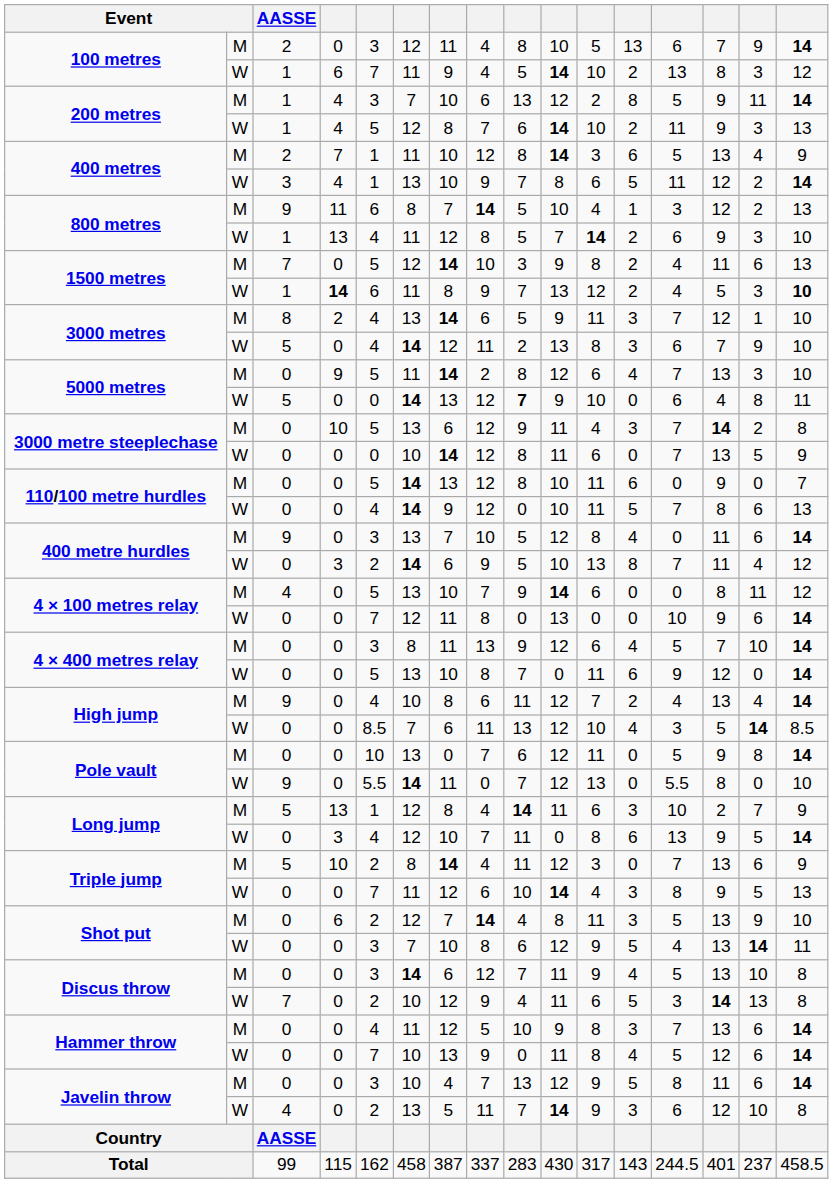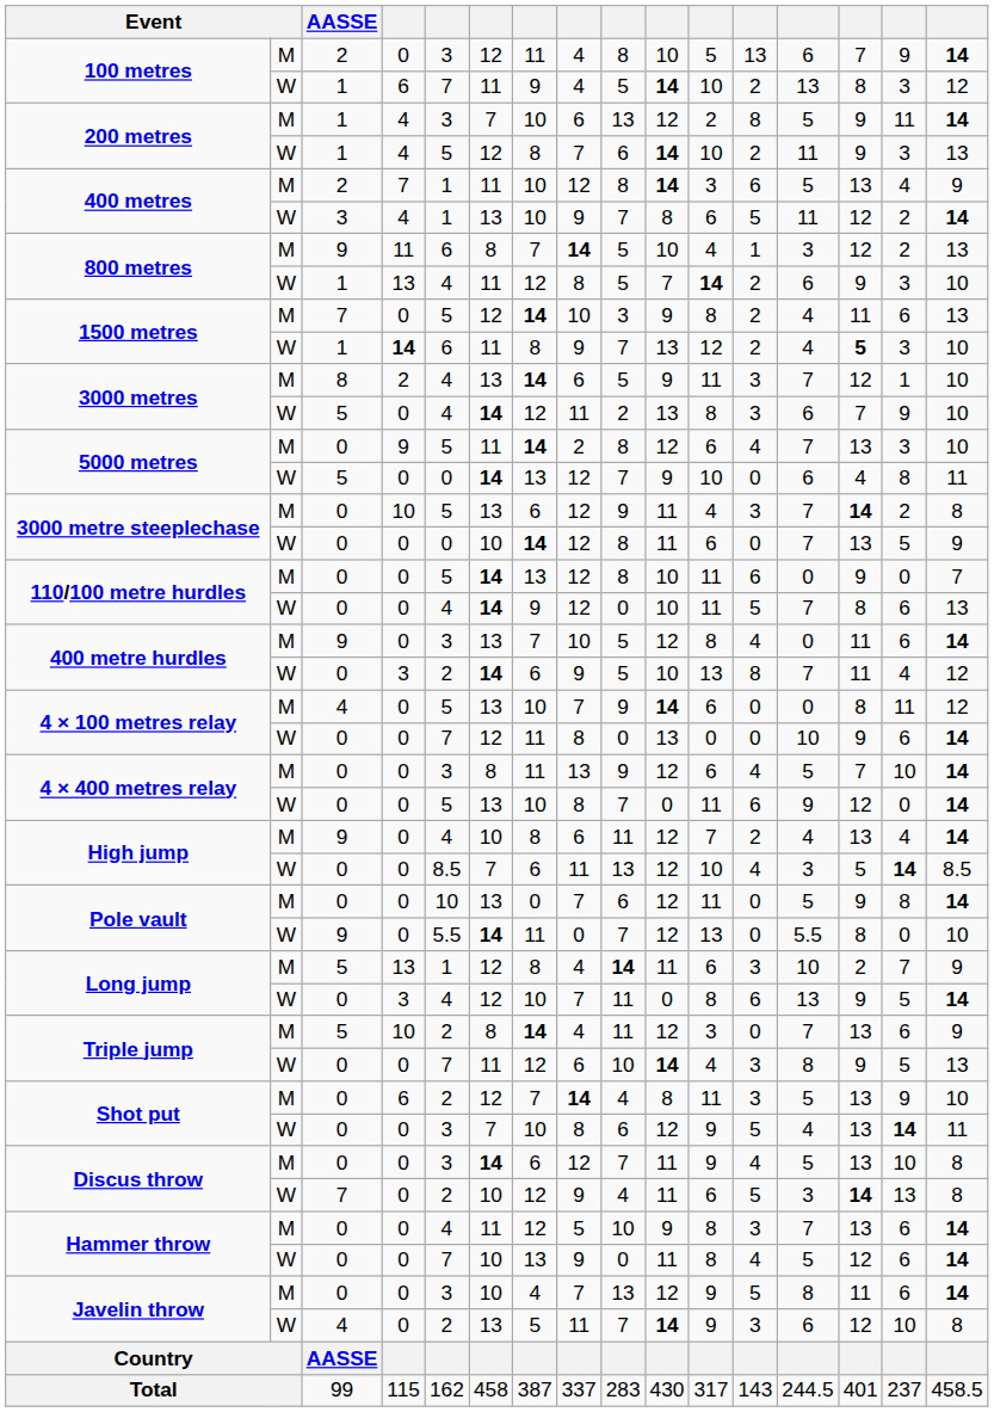 <table class="wikitable" style="background-color: #f9f9f9; font-size: 90%; text-align: center">
 <tr>
 <th width=200 colspan=2>Event</th>
 <th> <a href='#'>AASSE</a></th>
 <th></th>
 <th></th>
 <th></th>
 <th></th>
 <th></th>
 <th></th>
 <th></th>
 <th></th>
 <th></th>
 <th></th>
 <th></th>
 <th></th>
 <th></th>
 </tr>
 <tr>
 <td rowspan=2><strong><a href='#'>100 metres</a></strong></td>
 <td>M</td>
 <td>2</td>
 <td>0</td>
 <td>3</td>
 <td>12</td>
 <td>11</td>
 <td>4</td>
 <td>8</td>
 <td>10</td>
 <td>5</td>
 <td>13</td>
 <td>6</td>
 <td>7</td>
 <td>9</td>
 <td><strong>14</strong></td>
 </tr>
 <tr>
 <td>W</td>
 <td>1</td>
 <td>6</td>
 <td>7</td>
 <td>11</td>
 <td>9</td>
 <td>4</td>
 <td>5</td>
 <td><strong>14</strong></td>
 <td>10</td>
 <td>2</td>
 <td>13</td>
 <td>8</td>
 <td>3</td>
 <td>12</td>
 </tr>
 <tr>
 <td rowspan=2><strong><a href='#'>200 metres</a></strong></td>
 <td>M</td>
 <td>1</td>
 <td>4</td>
 <td>3</td>
 <td>7</td>
 <td>10</td>
 <td>6</td>
 <td>13</td>
 <td>12</td>
 <td>2</td>
 <td>8</td>
 <td>5</td>
 <td>9</td>
 <td>11</td>
 <td><strong>14</strong></td>
 </tr>
 <tr>
 <td>W</td>
 <td>1</td>
 <td>4</td>
 <td>5</td>
 <td>12</td>
 <td>8</td>
 <td>7</td>
 <td>6</td>
 <td><strong>14</strong></td>
 <td>10</td>
 <td>2</td>
 <td>11</td>
 <td>9</td>
 <td>3</td>
 <td>13</td>
 </tr>
 <tr>
 <td rowspan=2><strong><a href='#'>400 metres</a></strong></td>
 <td>M</td>
 <td>2</td>
 <td>7</td>
 <td>1</td>
 <td>11</td>
 <td>10</td>
 <td>12</td>
 <td>8</td>
 <td><strong>14</strong></td>
 <td>3</td>
 <td>6</td>
 <td>5</td>
 <td>13</td>
 <td>4</td>
 <td>9</td>
 </tr>
 <tr>
 <td>W</td>
 <td>3</td>
 <td>4</td>
 <td>1</td>
 <td>13</td>
 <td>10</td>
 <td>9</td>
 <td>7</td>
 <td>8</td>
 <td>6</td>
 <td>5</td>
 <td>11</td>
 <td>12</td>
 <td>2</td>
 <td><strong>14</strong></td>
 </tr>
 <tr>
 <td rowspan=2><strong><a href='#'>800 metres</a></strong></td>
 <td>M</td>
 <td>9</td>
 <td>11</td>
 <td>6</td>
 <td>8</td>
 <td>7</td>
 <td><strong>14</strong></td>
 <td>5</td>
 <td>10</td>
 <td>4</td>
 <td>1</td>
 <td>3</td>
 <td>12</td>
 <td>2</td>
 <td>13</td>
 </tr>
 <tr>
 <td>W</td>
 <td>1</td>
 <td>13</td>
 <td>4</td>
 <td>11</td>
 <td>12</td>
 <td>8</td>
 <td>5</td>
 <td>7</td>
 <td><strong>14</strong></td>
 <td>2</td>
 <td>6</td>
 <td>9</td>
 <td>3</td>
 <td>10</td>
 </tr>
 <tr>
 <td rowspan=2><strong><a href='#'>1500 metres</a></strong></td>
 <td>M</td>
 <td>7</td>
 <td>0</td>
 <td>5</td>
 <td>12</td>
 <td><strong>14</strong></td>
 <td>10</td>
 <td>3</td>
 <td>9</td>
 <td>8</td>
 <td>2</td>
 <td>4</td>
 <td>11</td>
 <td>6</td>
 <td>13</td>
 </tr>
 <tr>
 <td>W</td>
 <td>1</td>
 <td><strong>14</strong></td>
 <td>6</td>
 <td>11</td>
 <td>8</td>
 <td>9</td>
 <td>7</td>
 <td>13</td>
 <td>12</td>
 <td>2</td>
 <td>4</td>
-<td>5</td>
+<td><strong>5</strong></td>
 <td>3</td>
-<td><strong>10</strong></td>
+<td>10</td>
 </tr>
 <tr>
 <td rowspan=2><strong><a href='#'>3000 metres</a></strong></td>
 <td>M</td>
 <td>8</td>
 <td>2</td>
 <td>4</td>
 <td>13</td>
 <td><strong>14</strong></td>
 <td>6</td>
 <td>5</td>
 <td>9</td>
 <td>11</td>
 <td>3</td>
 <td>7</td>
 <td>12</td>
 <td>1</td>
 <td>10</td>
 </tr>
 <tr>
 <td>W</td>
 <td>5</td>
 <td>0</td>
 <td>4</td>
 <td><strong>14</strong></td>
 <td>12</td>
 <td>11</td>
 <td>2</td>
 <td>13</td>
 <td>8</td>
 <td>3</td>
 <td>6</td>
 <td>7</td>
 <td>9</td>
 <td>10</td>
 </tr>
 <tr>
 <td rowspan=2><strong><a href='#'>5000 metres</a></strong></td>
 <td>M</td>
 <td>0</td>
 <td>9</td>
 <td>5</td>
 <td>11</td>
 <td><strong>14</strong></td>
 <td>2</td>
 <td>8</td>
 <td>12</td>
 <td>6</td>
 <td>4</td>
 <td>7</td>
 <td>13</td>
 <td>3</td>
 <td>10</td>
 </tr>
 <tr>
 <td>W</td>
 <td>5</td>
 <td>0</td>
 <td>0</td>
 <td><strong>14</strong></td>
 <td>13</td>
 <td>12</td>
-<td><strong>7</strong></td>
+<td>7</td>
 <td>9</td>
 <td>10</td>
 <td>0</td>
 <td>6</td>
 <td>4</td>
 <td>8</td>
 <td>11</td>
 </tr>
 <tr>
 <td rowspan=2><strong><a href='#'>3000 metre steeplechase</a></strong></td>
 <td>M</td>
 <td>0</td>
 <td>10</td>
 <td>5</td>
 <td>13</td>
 <td>6</td>
 <td>12</td>
 <td>9</td>
 <td>11</td>
 <td>4</td>
 <td>3</td>
 <td>7</td>
 <td><strong>14</strong></td>
 <td>2</td>
 <td>8</td>
 </tr>
 <tr>
 <td>W</td>
 <td>0</td>
 <td>0</td>
 <td>0</td>
 <td>10</td>
 <td><strong>14</strong></td>
 <td>12</td>
 <td>8</td>
 <td>11</td>
 <td>6</td>
 <td>0</td>
 <td>7</td>
 <td>13</td>
 <td>5</td>
 <td>9</td>
 </tr>
 <tr>
 <td rowspan=2><strong><a href='#'>110</a>/<a href='#'>100 metre hurdles</a></strong></td>
 <td>M</td>
 <td>0</td>
 <td>0</td>
 <td>5</td>
 <td><strong>14</strong></td>
 <td>13</td>
 <td>12</td>
 <td>8</td>
 <td>10</td>
 <td>11</td>
 <td>6</td>
 <td>0</td>
 <td>9</td>
 <td>0</td>
 <td>7</td>
 </tr>
 <tr>
 <td>W</td>
 <td>0</td>
 <td>0</td>
 <td>4</td>
 <td><strong>14</strong></td>
 <td>9</td>
 <td>12</td>
 <td>0</td>
 <td>10</td>
 <td>11</td>
 <td>5</td>
 <td>7</td>
 <td>8</td>
 <td>6</td>
 <td>13</td>
 </tr>
 <tr>
 <td rowspan=2><strong><a href='#'>400 metre hurdles</a></strong></td>
 <td>M</td>
 <td>9</td>
 <td>0</td>
 <td>3</td>
 <td>13</td>
 <td>7</td>
 <td>10</td>
 <td>5</td>
 <td>12</td>
 <td>8</td>
 <td>4</td>
 <td>0</td>
 <td>11</td>
 <td>6</td>
 <td><strong>14</strong></td>
 </tr>
 <tr>
 <td>W</td>
 <td>0</td>
 <td>3</td>
 <td>2</td>
 <td><strong>14</strong></td>
 <td>6</td>
 <td>9</td>
 <td>5</td>
 <td>10</td>
 <td>13</td>
 <td>8</td>
 <td>7</td>
 <td>11</td>
 <td>4</td>
 <td>12</td>
 </tr>
 <tr>
 <td rowspan=2><strong><a href='#'>4 × 100 metres relay</a></strong></td>
 <td>M</td>
 <td>4</td>
 <td>0</td>
 <td>5</td>
 <td>13</td>
 <td>10</td>
 <td>7</td>
 <td>9</td>
 <td><strong>14</strong></td>
 <td>6</td>
 <td>0</td>
 <td>0</td>
 <td>8</td>
 <td>11</td>
 <td>12</td>
 </tr>
 <tr>
 <td>W</td>
 <td>0</td>
 <td>0</td>
 <td>7</td>
 <td>12</td>
 <td>11</td>
 <td>8</td>
 <td>0</td>
 <td>13</td>
 <td>0</td>
 <td>0</td>
 <td>10</td>
 <td>9</td>
 <td>6</td>
 <td><strong>14</strong></td>
 </tr>
 <tr>
 <td rowspan=2><strong><a href='#'>4 × 400 metres relay</a></strong></td>
 <td>M</td>
 <td>0</td>
 <td>0</td>
 <td>3</td>
 <td>8</td>
 <td>11</td>
 <td>13</td>
 <td>9</td>
 <td>12</td>
 <td>6</td>
 <td>4</td>
 <td>5</td>
 <td>7</td>
 <td>10</td>
 <td><strong>14</strong></td>
 </tr>
 <tr>
 <td>W</td>
 <td>0</td>
 <td>0</td>
 <td>5</td>
 <td>13</td>
 <td>10</td>
 <td>8</td>
 <td>7</td>
 <td>0</td>
 <td>11</td>
 <td>6</td>
 <td>9</td>
 <td>12</td>
 <td>0</td>
 <td><strong>14</strong></td>
 </tr>
 <tr>
 <td rowspan=2><strong><a href='#'>High jump</a></strong></td>
 <td>M</td>
 <td>9</td>
 <td>0</td>
 <td>4</td>
 <td>10</td>
 <td>8</td>
 <td>6</td>
 <td>11</td>
 <td>12</td>
 <td>7</td>
 <td>2</td>
 <td>4</td>
 <td>13</td>
 <td>4</td>
 <td><strong>14</strong></td>
 </tr>
 <tr>
 <td>W</td>
 <td>0</td>
 <td>0</td>
 <td>8.5</td>
 <td>7</td>
 <td>6</td>
 <td>11</td>
 <td>13</td>
 <td>12</td>
 <td>10</td>
 <td>4</td>
 <td>3</td>
 <td>5</td>
 <td><strong>14</strong></td>
 <td>8.5</td>
 </tr>
 <tr>
 <td rowspan=2><strong><a href='#'>Pole vault</a></strong></td>
 <td>M</td>
 <td>0</td>
 <td>0</td>
 <td>10</td>
 <td>13</td>
 <td>0</td>
 <td>7</td>
 <td>6</td>
 <td>12</td>
 <td>11</td>
 <td>0</td>
 <td>5</td>
 <td>9</td>
 <td>8</td>
 <td><strong>14</strong></td>
 </tr>
 <tr>
 <td>W</td>
 <td>9</td>
 <td>0</td>
 <td>5.5</td>
 <td><strong>14</strong></td>
 <td>11</td>
 <td>0</td>
 <td>7</td>
 <td>12</td>
 <td>13</td>
 <td>0</td>
 <td>5.5</td>
 <td>8</td>
 <td>0</td>
 <td>10</td>
 </tr>
 <tr>
 <td rowspan=2><strong><a href='#'>Long jump</a></strong></td>
 <td>M</td>
 <td>5</td>
 <td>13</td>
 <td>1</td>
 <td>12</td>
 <td>8</td>
 <td>4</td>
 <td><strong>14</strong></td>
 <td>11</td>
 <td>6</td>
 <td>3</td>
 <td>10</td>
 <td>2</td>
 <td>7</td>
 <td>9</td>
 </tr>
 <tr>
 <td>W</td>
 <td>0</td>
 <td>3</td>
 <td>4</td>
 <td>12</td>
 <td>10</td>
 <td>7</td>
 <td>11</td>
 <td>0</td>
 <td>8</td>
 <td>6</td>
 <td>13</td>
 <td>9</td>
 <td>5</td>
 <td><strong>14</strong></td>
 </tr>
 <tr>
 <td rowspan=2><strong><a href='#'>Triple jump</a></strong></td>
 <td>M</td>
 <td>5</td>
 <td>10</td>
 <td>2</td>
 <td>8</td>
 <td><strong>14</strong></td>
 <td>4</td>
 <td>11</td>
 <td>12</td>
 <td>3</td>
 <td>0</td>
 <td>7</td>
 <td>13</td>
 <td>6</td>
 <td>9</td>
 </tr>
 <tr>
 <td>W</td>
 <td>0</td>
 <td>0</td>
 <td>7</td>
 <td>11</td>
 <td>12</td>
 <td>6</td>
 <td>10</td>
 <td><strong>14</strong></td>
 <td>4</td>
 <td>3</td>
 <td>8</td>
 <td>9</td>
 <td>5</td>
 <td>13</td>
 </tr>
 <tr>
 <td rowspan=2><strong><a href='#'>Shot put</a></strong></td>
 <td>M</td>
 <td>0</td>
 <td>6</td>
 <td>2</td>
 <td>12</td>
 <td>7</td>
 <td><strong>14</strong></td>
 <td>4</td>
 <td>8</td>
 <td>11</td>
 <td>3</td>
 <td>5</td>
 <td>13</td>
 <td>9</td>
 <td>10</td>
 </tr>
 <tr>
 <td>W</td>
 <td>0</td>
 <td>0</td>
 <td>3</td>
 <td>7</td>
 <td>10</td>
 <td>8</td>
 <td>6</td>
 <td>12</td>
 <td>9</td>
 <td>5</td>
 <td>4</td>
 <td>13</td>
 <td><strong>14</strong></td>
 <td>11</td>
 </tr>
 <tr>
 <td rowspan=2><strong><a href='#'>Discus throw</a></strong></td>
 <td>M</td>
 <td>0</td>
 <td>0</td>
 <td>3</td>
 <td><strong>14</strong></td>
 <td>6</td>
 <td>12</td>
 <td>7</td>
 <td>11</td>
 <td>9</td>
 <td>4</td>
 <td>5</td>
 <td>13</td>
 <td>10</td>
 <td>8</td>
 </tr>
 <tr>
 <td>W</td>
 <td>7</td>
 <td>0</td>
 <td>2</td>
 <td>10</td>
 <td>12</td>
 <td>9</td>
 <td>4</td>
 <td>11</td>
 <td>6</td>
 <td>5</td>
 <td>3</td>
 <td><strong>14</strong></td>
 <td>13</td>
 <td>8</td>
 </tr>
 <tr>
 <td rowspan=2><strong><a href='#'>Hammer throw</a></strong></td>
 <td>M</td>
 <td>0</td>
 <td>0</td>
 <td>4</td>
 <td>11</td>
 <td>12</td>
 <td>5</td>
 <td>10</td>
 <td>9</td>
 <td>8</td>
 <td>3</td>
 <td>7</td>
 <td>13</td>
 <td>6</td>
 <td><strong>14</strong></td>
 </tr>
 <tr>
 <td>W</td>
 <td>0</td>
 <td>0</td>
 <td>7</td>
 <td>10</td>
 <td>13</td>
 <td>9</td>
 <td>0</td>
 <td>11</td>
 <td>8</td>
 <td>4</td>
 <td>5</td>
 <td>12</td>
 <td>6</td>
 <td><strong>14</strong></td>
 </tr>
 <tr>
 <td rowspan=2><strong><a href='#'>Javelin throw</a></strong></td>
 <td>M</td>
 <td>0</td>
 <td>0</td>
 <td>3</td>
 <td>10</td>
 <td>4</td>
 <td>7</td>
 <td>13</td>
 <td>12</td>
 <td>9</td>
 <td>5</td>
 <td>8</td>
 <td>11</td>
 <td>6</td>
 <td><strong>14</strong></td>
 </tr>
 <tr>
 <td>W</td>
 <td>4</td>
 <td>0</td>
 <td>2</td>
 <td>13</td>
 <td>5</td>
 <td>11</td>
 <td>7</td>
 <td><strong>14</strong></td>
 <td>9</td>
 <td>3</td>
 <td>6</td>
 <td>12</td>
 <td>10</td>
 <td>8</td>
 </tr>
 <tr>
 <th colspan=2>Country</th>
 <th> <a href='#'>AASSE</a></th>
 <th></th>
 <th></th>
 <th></th>
 <th></th>
 <th></th>
 <th></th>
 <th></th>
 <th></th>
 <th></th>
 <th></th>
 <th></th>
 <th></th>
 <th></th>
 </tr>
 <tr>
 <th colspan=2>Total</th>
 <td>99</td>
 <td>115</td>
 <td>162</td>
 <td>458</td>
 <td>387</td>
 <td>337</td>
 <td>283</td>
 <td>430</td>
 <td>317</td>
 <td>143</td>
 <td>244.5</td>
 <td>401</td>
 <td>237</td>
 <td>458.5</td>
 </tr>
 </table>
